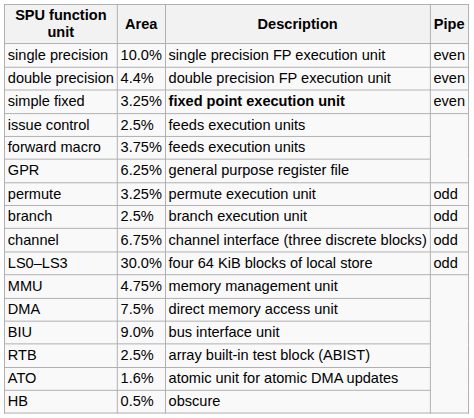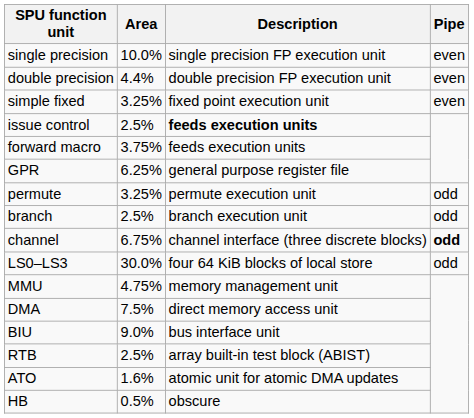 <table class="wikitable" >
 <tr>
 <th>SPU function<br>unit</th>
 <th>Area</th>
 <th>Description</th>
 <th>Pipe</th>
 </tr>
 <tr>
 <td>single precision</td>
 <td>10.0%</td>
 <td>single precision FP execution unit</td>
 <td>even</td>
 </tr>
 <tr>
 <td>double precision</td>
 <td>4.4%</td>
 <td>double precision FP execution unit</td>
 <td>even</td>
 </tr>
 <tr>
 <td>simple fixed</td>
 <td>3.25%</td>
-<td><strong>fixed point execution unit</strong></td>
+<td>fixed point execution unit</td>
 <td>even</td>
 </tr>
 <tr>
 <td>issue control</td>
 <td>2.5%</td>
-<td>feeds execution units</td>
+<td><strong>feeds execution units</strong></td>
 </tr>
 <tr>
 <td>forward macro</td>
 <td>3.75%</td>
 <td>feeds execution units</td>
 </tr>
 <tr>
 <td>GPR</td>
 <td>6.25%</td>
 <td>general purpose register file</td>
 </tr>
 <tr>
 <td>permute</td>
 <td>3.25%</td>
 <td>permute execution unit</td>
 <td>odd</td>
 </tr>
 <tr>
 <td>branch</td>
 <td>2.5%</td>
 <td>branch execution unit</td>
 <td>odd</td>
 </tr>
 <tr>
 <td>channel</td>
 <td>6.75%</td>
 <td>channel interface (three discrete blocks)</td>
-<td>odd</td>
+<td><strong>odd</strong></td>
 </tr>
 <tr>
 <td>LS0–LS3</td>
 <td>30.0%</td>
 <td>four 64 KiB blocks of local store</td>
 <td>odd</td>
 </tr>
 <tr>
 <td>MMU</td>
 <td>4.75%</td>
 <td>memory management unit</td>
 </tr>
 <tr>
 <td>DMA</td>
 <td>7.5%</td>
 <td>direct memory access unit</td>
 </tr>
 <tr>
 <td>BIU</td>
 <td>9.0%</td>
 <td>bus interface unit</td>
 </tr>
 <tr>
 <td>RTB</td>
 <td>2.5%</td>
 <td>array built-in test block (ABIST)</td>
 </tr>
 <tr>
 <td>ATO</td>
 <td>1.6%</td>
 <td>atomic unit for atomic DMA updates</td>
 </tr>
 <tr>
 <td>HB</td>
 <td>0.5%</td>
 <td>obscure</td>
 </tr>
 </table>
